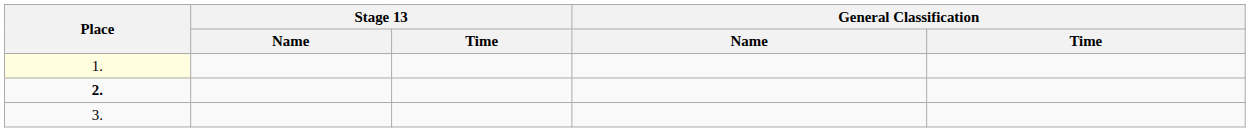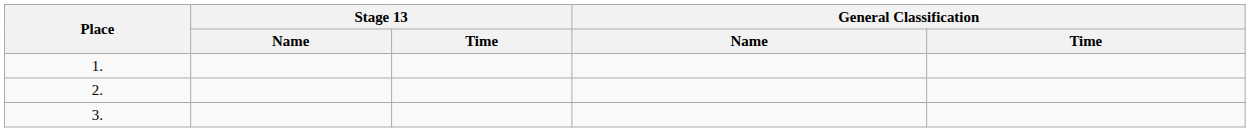 <table class="wikitable"  style="font-size:95%; width:80%;">
 <tr>
 <th rowspan="2">Place</th>
 <th colspan="2">Stage 13</th>
 <th colspan="2">General Classification</th>
 </tr>
 <tr>
 <th>Name</th>
 <th>Time</th>
 <th>Name</th>
 <th>Time</th>
 </tr>
 <tr>
-<td style="background: lightyellow; text-align:center;">1.</td>
+<td style="text-align:center;">1.</td>
 <td></td>
 <td></td>
 <td></td>
 <td></td>
 </tr>
 <tr>
-<td style="text-align:center;"><strong>2.</strong></td>
+<td style="text-align:center;">2.</td>
 <td></td>
 <td></td>
 <td></td>
 <td></td>
 </tr>
 <tr>
 <td style="text-align:center;">3.</td>
 <td></td>
 <td></td>
 <td></td>
 <td></td>
 </tr>
 </table>
